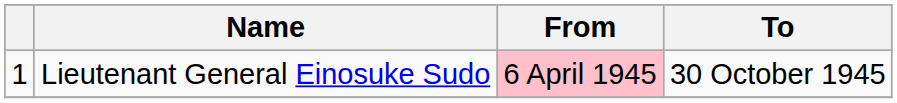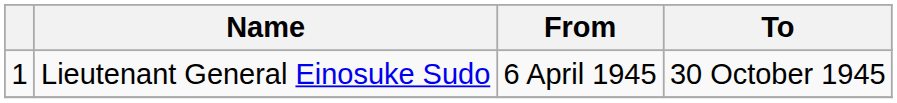 <table class=wikitable>
 <tr>
 <th></th>
 <th>Name</th>
 <th>From</th>
 <th>To</th>
 </tr>
 <tr>
 <td>1</td>
 <td>Lieutenant General <a href='#'>Einosuke Sudo</a></td>
-<td style="background: pink;">6 April 1945</td>
+<td>6 April 1945</td>
 <td>30 October 1945</td>
 </tr>
 <tr>
 </tr>
 </table>
